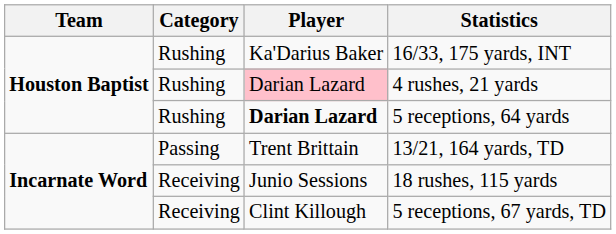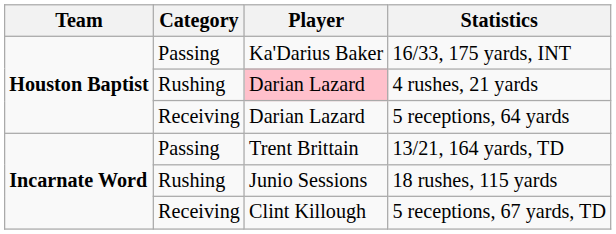 <table class="wikitable" style="float: left;">
 <tr>
 <th>Team</th>
 <th>Category</th>
 <th>Player</th>
 <th>Statistics</th>
 </tr>
 <tr>
 <td rowspan=3><strong>Houston Baptist</strong></td>
-<td>Rushing</td>
+<td>Passing</td>
 <td>Ka'Darius Baker</td>
 <td>16/33, 175 yards, INT</td>
 </tr>
 <tr>
 <td>Rushing</td>
 <td style="background: pink;">Darian Lazard</td>
 <td>4 rushes, 21 yards</td>
 </tr>
 <tr>
-<td>Rushing</td>
-<td><strong>Darian Lazard</strong></td>
+<td>Receiving</td>
+<td>Darian Lazard</td>
 <td>5 receptions, 64 yards</td>
 </tr>
 <tr>
 <td rowspan=3><strong>Incarnate Word</strong></td>
 <td>Passing</td>
 <td>Trent Brittain</td>
 <td>13/21, 164 yards, TD</td>
 </tr>
 <tr>
-<td>Receiving</td>
+<td>Rushing</td>
 <td>Junio Sessions</td>
 <td>18 rushes, 115 yards</td>
 </tr>
 <tr>
 <td>Receiving</td>
 <td>Clint Killough</td>
 <td>5 receptions, 67 yards, TD</td>
 </tr>
 </table>
